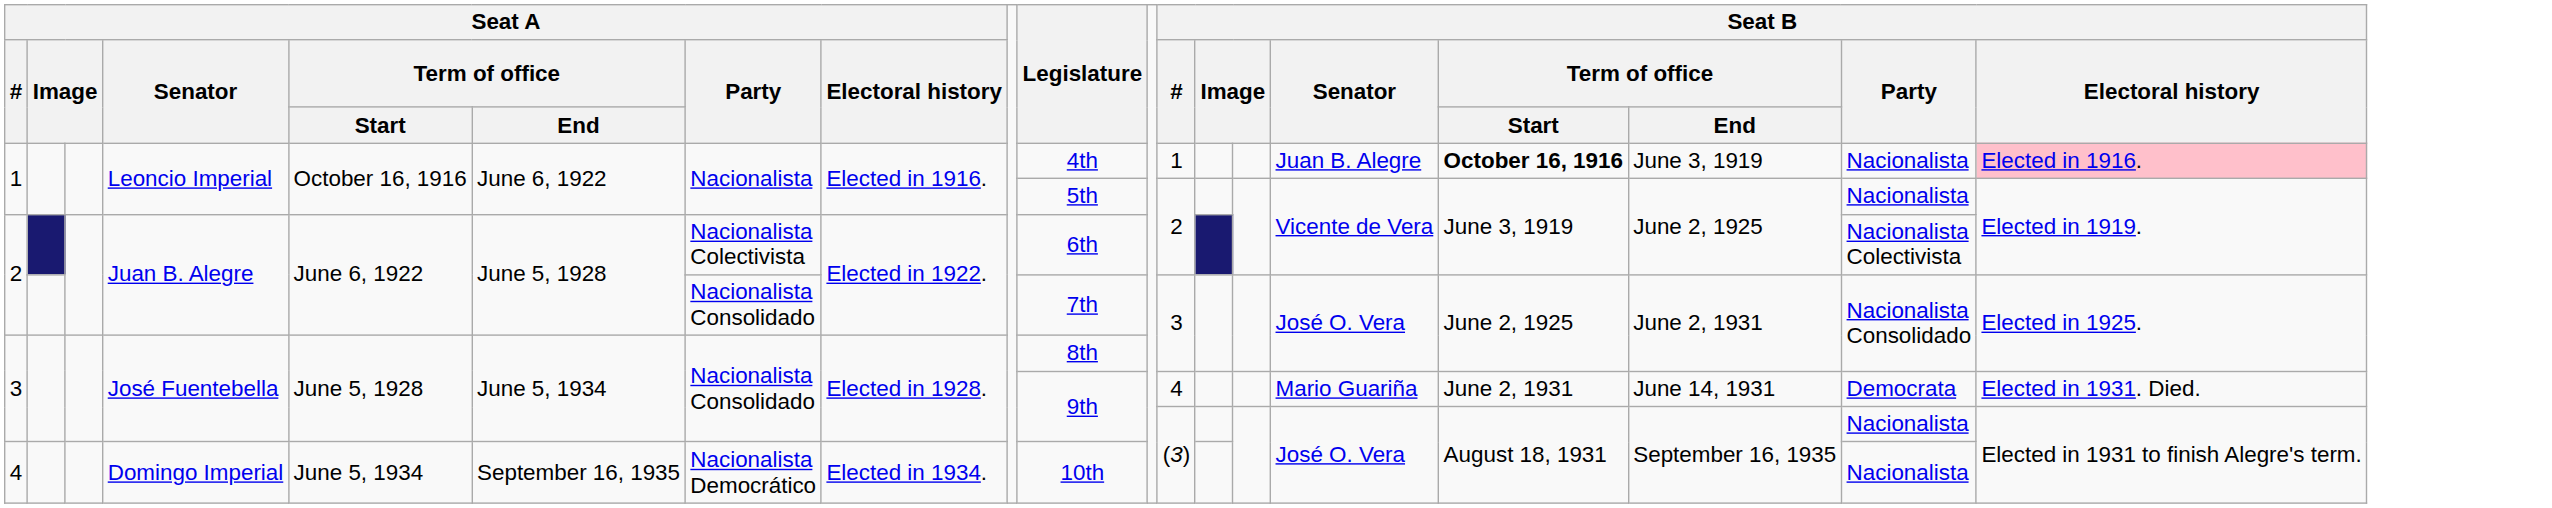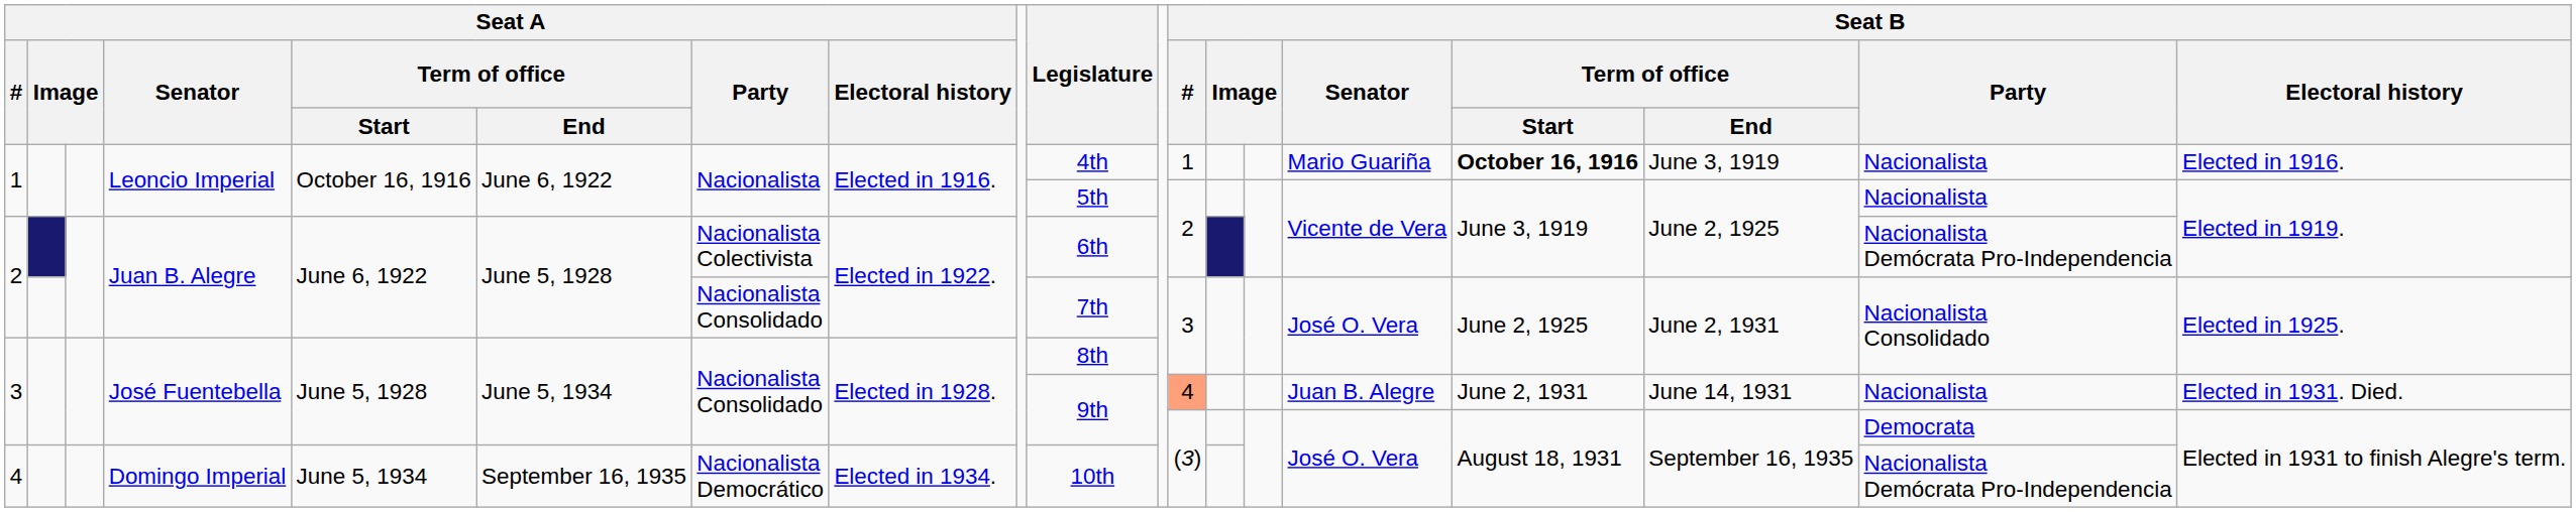 <table class="wikitable">
 <tr>
 <th colspan="8">Seat A</th>
 <td rowspan="99"></td>
 <th rowspan="3">Legislature</th>
 <td rowspan="99"></td>
 <th colspan="8">Seat B</th>
 </tr>
 <tr style="height:3em">
 <th rowspan="2">#</th>
 <th rowspan="2" colspan="2">Image</th>
 <th rowspan="2">Senator</th>
 <th colspan="2">Term of office</th>
 <th rowspan="2">Party</th>
 <th rowspan="2">Electoral history</th>
 <th rowspan="2">#</th>
 <th rowspan="2" colspan="2">Image</th>
 <th rowspan="2">Senator</th>
 <th colspan="2">Term of office</th>
 <th rowspan="2">Party</th>
 <th rowspan="2">Electoral history</th>
 </tr>
 <tr>
 <th>Start</th>
 <th>End</th>
 <th>Start</th>
 <th>End</th>
 </tr>
 <tr>
 <td rowspan="2" style="text-align:center;">1</td>
 <td rowspan="2" style="background:"></td>
 <td rowspan="2"></td>
 <td rowspan="2"><a href='#'>Leoncio Imperial</a></td>
 <td rowspan="2">October 16, 1916</td>
 <td rowspan="2">June 6, 1922</td>
 <td rowspan="2"><a href='#'>Nacionalista</a></td>
 <td rowspan="2"><a href='#'>Elected in 1916</a>.</td>
 <td style="text-align:center;"><a href='#'>4th</a></td>
 <td style="text-align:center;">1</td>
 <td style="background:"></td>
 <td></td>
-<td><a href='#'>Juan B. Alegre</a></td>
+<td><a href='#'>Mario Guariña</a></td>
 <td><strong>October 16, 1916</strong></td>
 <td>June 3, 1919</td>
 <td><a href='#'>Nacionalista</a></td>
-<td style="background: pink;"><a href='#'>Elected in 1916</a>.</td>
+<td><a href='#'>Elected in 1916</a>.</td>
 </tr>
 <tr>
 <td style="text-align:center;"><a href='#'>5th</a></td>
 <td rowspan="2" style="text-align:center;">2</td>
 <td style="background:"></td>
 <td rowspan="2"></td>
 <td rowspan="2"><a href='#'>Vicente de Vera</a></td>
 <td rowspan="2">June 3, 1919</td>
 <td rowspan="2">June 2, 1925</td>
 <td><a href='#'>Nacionalista</a></td>
 <td rowspan="2"><a href='#'>Elected in 1919</a>.</td>
 </tr>
 <tr>
 <td rowspan="2" style="text-align:center;">2</td>
 <td style="background-color:#191970"></td>
 <td rowspan="2"></td>
 <td rowspan="2"><a href='#'>Juan B. Alegre</a></td>
 <td rowspan="2">June 6, 1922</td>
 <td rowspan="2">June 5, 1928</td>
 <td><a href='#'>Nacionalista</a><br>Colectivista</td>
 <td rowspan="2"><a href='#'>Elected in 1922</a>.</td>
 <td style="text-align:center;"><a href='#'>6th</a></td>
 <td style="background-color:#191970"></td>
-<td><a href='#'>Nacionalista</a><br>Colectivista</td>
+<td><a href='#'>Nacionalista</a><br>Demócrata Pro-Independencia</td>
 </tr>
 <tr>
 <td style="background:"></td>
 <td><a href='#'>Nacionalista</a><br>Consolidado</td>
 <td style="text-align:center;"><a href='#'>7th</a></td>
 <td rowspan="2" style="text-align:center;">3</td>
 <td rowspan="2" style="background:"></td>
 <td rowspan="2"></td>
 <td rowspan="2"><a href='#'>José O. Vera</a></td>
 <td rowspan="2">June 2, 1925</td>
 <td rowspan="2">June 2, 1931</td>
 <td rowspan="2"><a href='#'>Nacionalista</a><br>Consolidado</td>
 <td rowspan="2"><a href='#'>Elected in 1925</a>.</td>
 </tr>
 <tr>
 <td rowspan="3" style="text-align:center;">3</td>
 <td rowspan="3" style="background:"></td>
 <td rowspan="3"></td>
 <td rowspan="3"><a href='#'>José Fuentebella</a></td>
 <td rowspan="3">June 5, 1928</td>
 <td rowspan="3">June 5, 1934</td>
 <td rowspan="3"><a href='#'>Nacionalista</a><br>Consolidado</td>
 <td rowspan="3"><a href='#'>Elected in 1928</a>.</td>
 <td style="text-align:center;"><a href='#'>8th</a></td>
 </tr>
 <tr>
 <td style="text-align:center;" rowspan="2"><a href='#'>9th</a></td>
-<td style="text-align:center;">4</td>
+<td style="background: lightsalmon; text-align:center;">4</td>
 <td style="background:"></td>
 <td></td>
-<td><a href='#'>Mario Guariña</a></td>
+<td><a href='#'>Juan B. Alegre</a></td>
 <td>June 2, 1931</td>
 <td>June 14, 1931</td>
-<td><a href='#'>Democrata</a></td>
+<td><a href='#'>Nacionalista</a></td>
 <td><a href='#'>Elected in 1931</a>. Died.</td>
 </tr>
 <tr>
 <td style="text-align:center;" rowspan="2">(<em>3</em>)</td>
 <td style="background-color:"></td>
 <td rowspan="2"></td>
 <td rowspan="2"><a href='#'>José O. Vera</a></td>
 <td rowspan="2">August 18, 1931</td>
 <td rowspan="2">September 16, 1935</td>
-<td><a href='#'>Nacionalista</a></td>
+<td><a href='#'>Democrata</a></td>
 <td rowspan="2">Elected in 1931 to finish Alegre's term.</td>
 </tr>
 <tr>
 <td style="text-align:center;">4</td>
 <td style="background:"></td>
 <td></td>
 <td><a href='#'>Domingo Imperial</a></td>
 <td>June 5, 1934</td>
 <td>September 16, 1935</td>
 <td><a href='#'>Nacionalista</a><br>Democrático</td>
 <td><a href='#'>Elected in 1934</a>.</td>
 <td style="text-align:center;"><a href='#'>10th</a></td>
 <td style="background:"></td>
-<td><a href='#'>Nacionalista</a></td>
+<td><a href='#'>Nacionalista</a><br>Demócrata Pro-Independencia</td>
 </tr>
 </table>
